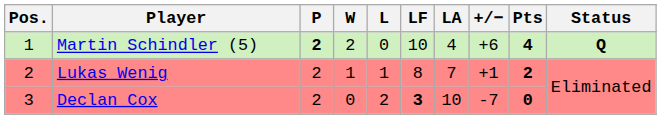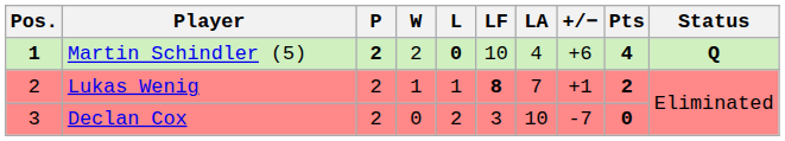 <table class="wikitable" style="text-align:center; margin: 1em auto 1em auto, align:left">
 <tr>
 <th width=20>Pos.</th>
 <th width=185>Player</th>
 <th width=20>P</th>
 <th width=20>W</th>
 <th width=20>L</th>
 <th width=20>LF</th>
 <th width=20>LA</th>
 <th width=25>+/−</th>
 <th width=20>Pts</th>
 <th width=70>Status</th>
 </tr>
 <tr style="background:#D0F0C0;">
-<td>1</td>
+<td><strong>1</strong></td>
 <td align=left> <a href='#'>Martin Schindler</a> (5)</td>
 <td><strong>2</strong></td>
 <td>2</td>
-<td>0</td>
+<td><strong>0</strong></td>
 <td>10</td>
 <td>4</td>
 <td>+6</td>
 <td><strong>4</strong></td>
 <td rowspan=1><strong>Q</strong></td>
 </tr>
 <tr style="background:#FF8888;">
 <td>2</td>
 <td align=left> <a href='#'>Lukas Wenig</a></td>
 <td>2</td>
 <td>1</td>
 <td>1</td>
-<td>8</td>
+<td><strong>8</strong></td>
 <td>7</td>
 <td>+1</td>
 <td><strong>2</strong></td>
 <td rowspan=2>Eliminated</td>
 </tr>
 <tr style="background:#FF8888;">
 <td>3</td>
 <td align=left> <a href='#'>Declan Cox</a></td>
 <td>2</td>
 <td>0</td>
 <td>2</td>
-<td><strong>3</strong></td>
+<td>3</td>
 <td>10</td>
 <td>-7</td>
 <td><strong>0</strong></td>
 </tr>
 </table>
